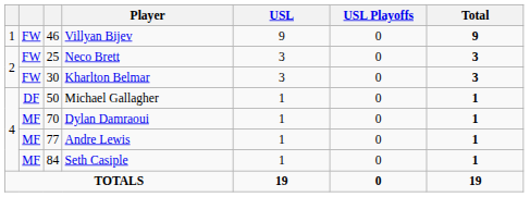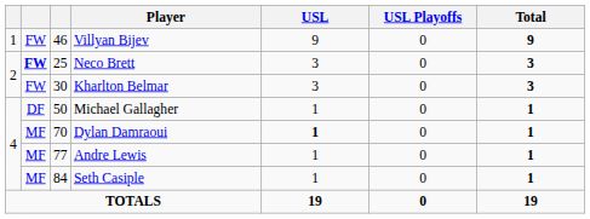 <table class="wikitable sortable" style="font-size: 95%; text-align: center;">
 <tr>
 <th width=10></th>
 <th width=10></th>
 <th width=10></th>
 <th width=200>Player</th>
 <th width=110><a href='#'>USL</a></th>
 <th width=110><a href='#'>USL Playoffs</a></th>
 <th width=110>Total</th>
 </tr>
 <tr>
 <td>1</td>
 <td><a href='#'>FW</a></td>
 <td>46</td>
 <td align="left"> <a href='#'>Villyan Bijev</a></td>
 <td>9</td>
 <td>0</td>
 <td><strong>9</strong></td>
 </tr>
 <tr>
 <td rowspan="2">2</td>
-<td><a href='#'>FW</a></td>
+<td><strong><a href='#'>FW</a></strong></td>
 <td>25</td>
 <td align="left"> <a href='#'>Neco Brett</a></td>
 <td>3</td>
 <td>0</td>
 <td><strong>3</strong></td>
 </tr>
 <tr>
 <td><a href='#'>FW</a></td>
 <td>30</td>
 <td align="left"> <a href='#'>Kharlton Belmar</a></td>
 <td>3</td>
 <td>0</td>
 <td><strong>3</strong></td>
 </tr>
 <tr>
 <td rowspan="4">4</td>
 <td><a href='#'>DF</a></td>
 <td>50</td>
 <td align="left"> Michael Gallagher</td>
 <td>1</td>
 <td>0</td>
 <td><strong>1</strong></td>
 </tr>
 <tr>
 <td><a href='#'>MF</a></td>
 <td>70</td>
 <td align="left"> <a href='#'>Dylan Damraoui</a></td>
-<td>1</td>
+<td><strong>1</strong></td>
 <td>0</td>
 <td><strong>1</strong></td>
 </tr>
 <tr>
 <td><a href='#'>MF</a></td>
 <td>77</td>
 <td align="left"> <a href='#'>Andre Lewis</a></td>
 <td>1</td>
 <td>0</td>
 <td><strong>1</strong></td>
 </tr>
 <tr>
 <td><a href='#'>MF</a></td>
 <td>84</td>
 <td align="left"> <a href='#'>Seth Casiple</a></td>
 <td>1</td>
 <td>0</td>
 <td><strong>1</strong></td>
 </tr>
 <tr>
 <td colspan="4"><strong>TOTALS</strong></td>
 <td><strong>19</strong></td>
 <td><strong>0</strong></td>
 <td><strong>19</strong></td>
 </tr>
 </table>
